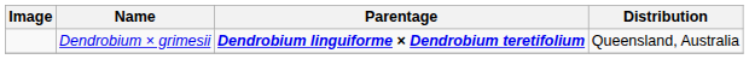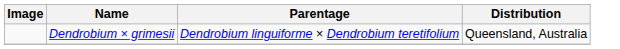 <table class="wikitable collapsible">
 <tr>
 <th>Image</th>
 <th>Name</th>
 <th>Parentage</th>
 <th>Distribution</th>
 </tr>
 <tr>
 <td></td>
 <td><em><a href='#'>Dendrobium × grimesii</a></em> </td>
-<td><strong><em><a href='#'>Dendrobium linguiforme</a></em> ×  <em><a href='#'>Dendrobium teretifolium</a></em></strong></td>
+<td><em><a href='#'>Dendrobium linguiforme</a></em> ×  <em><a href='#'>Dendrobium teretifolium</a></em></td>
 <td>Queensland, Australia</td>
 </tr>
 <tr>
 </tr>
 </table>
